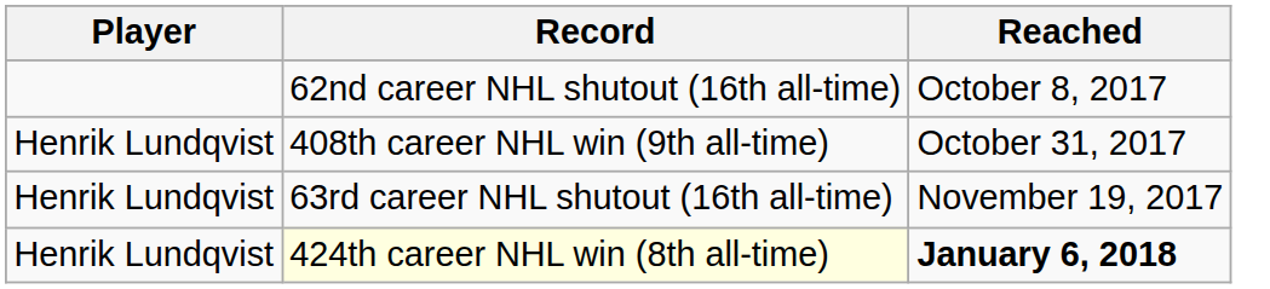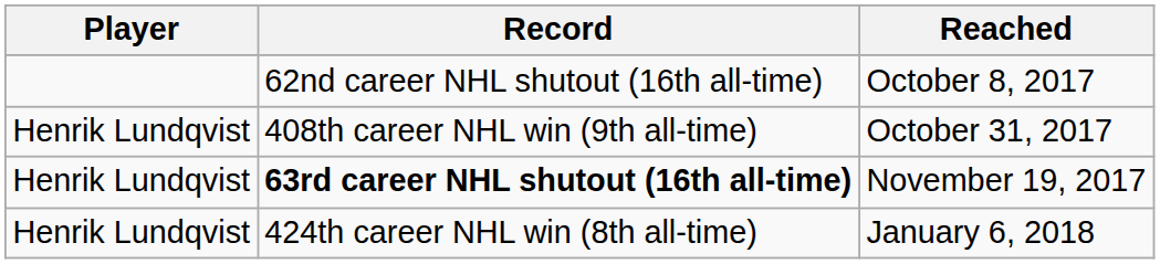 <table class="wikitable sortable" style="width:auto;">
 <tr align=center>
 <th>Player</th>
 <th>Record</th>
 <th>Reached</th>
 </tr>
 <tr>
 <td></td>
 <td>62nd career NHL shutout (16th all-time)</td>
 <td>October 8, 2017</td>
 </tr>
 <tr>
 <td>Henrik Lundqvist</td>
 <td>408th career NHL win (9th all-time)</td>
 <td>October 31, 2017</td>
 </tr>
 <tr>
 <td>Henrik Lundqvist</td>
-<td>63rd career NHL shutout (16th all-time)</td>
+<td><strong>63rd career NHL shutout (16th all-time)</strong></td>
 <td>November 19, 2017</td>
 </tr>
 <tr>
 <td>Henrik Lundqvist</td>
-<td style="background: lightyellow;">424th career NHL win (8th all-time)</td>
-<td><strong>January 6, 2018</strong></td>
+<td>424th career NHL win (8th all-time)</td>
+<td>January 6, 2018</td>
 </tr>
 </table>
